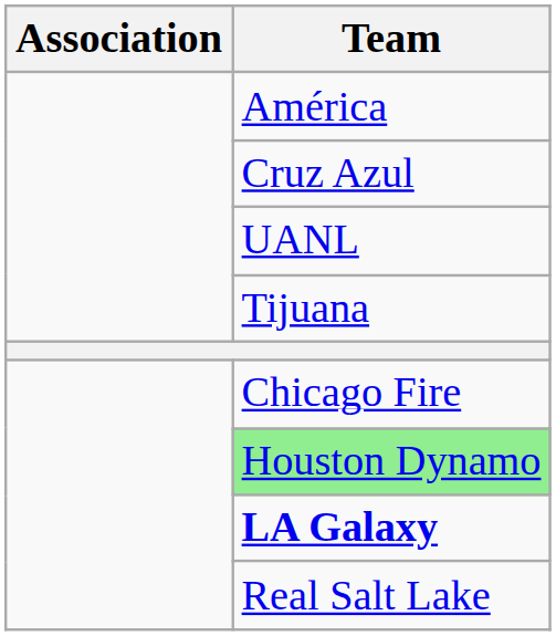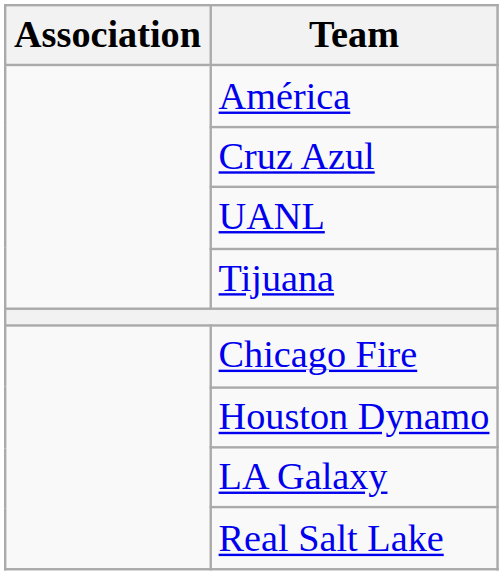 <table class="wikitable">
 <tr>
 <th>Association</th>
 <th>Team</th>
 </tr>
 <tr>
 <td rowspan=4> </td>
 <td><a href='#'>América</a></td>
 </tr>
 <tr>
 <td><a href='#'>Cruz Azul</a></td>
 </tr>
 <tr>
 <td><a href='#'>UANL</a></td>
 </tr>
 <tr>
 <td><a href='#'>Tijuana</a></td>
 </tr>
 <tr>
 <th colspan="2"></th>
 </tr>
 <tr>
 <td rowspan=4> </td>
 <td><a href='#'>Chicago Fire</a></td>
 </tr>
 <tr>
-<td style="background: lightgreen;"><a href='#'>Houston Dynamo</a></td>
+<td><a href='#'>Houston Dynamo</a></td>
 </tr>
 <tr>
-<td><strong><a href='#'>LA Galaxy</a></strong></td>
+<td><a href='#'>LA Galaxy</a></td>
 </tr>
 <tr>
 <td><a href='#'>Real Salt Lake</a></td>
 </tr>
 </table>
